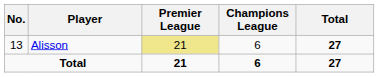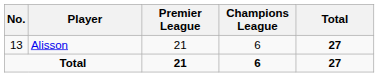 <table class="wikitable sortable alternance" ; style="text-align:center; ">
 <tr>
 <th width=10>No.</th>
 <th width=150>Player</th>
 <th width=100>Premier League</th>
 <th width=100>Champions League</th>
 <th width=100>Total</th>
 </tr>
 <tr>
 <td>13</td>
 <td align="left"> <a href='#'>Alisson</a></td>
-<td style="background: khaki;">21</td>
+<td>21</td>
 <td>6</td>
 <td><strong>27</strong></td>
 </tr>
 <tr class="sortbottom">
 <td colspan="2"><strong>Total</strong></td>
 <td><strong>21</strong></td>
 <td><strong>6</strong></td>
 <td><strong>27</strong></td>
 </tr>
 </table>
